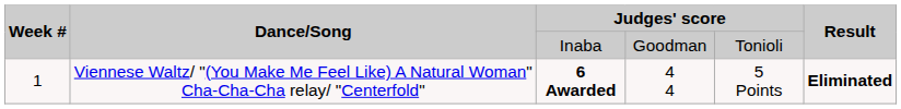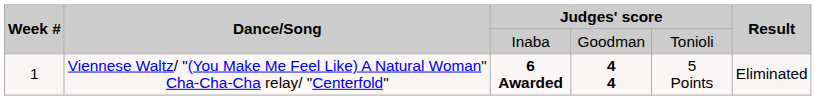 <table class="wikitable" style="float:left;">
 <tr style="text-align:Center; background:#ccc;">
 <td rowspan="2"><strong>Week #</strong></td>
 <td rowspan="2"><strong>Dance/Song</strong></td>
 <td colspan="3"><strong>Judges' score</strong></td>
 <td rowspan="2"><strong>Result</strong></td>
 </tr>
 <tr style="text-align:center; background:#ccc;">
 <td style="width:10%; ">Inaba</td>
 <td style="width:10%; ">Goodman</td>
 <td style="width:10%; ">Tonioli</td>
 </tr>
 <tr style="text-align:center; background:#faf6f6;">
 <td>1</td>
 <td><a href='#'>Viennese Waltz</a>/ "<a href='#'>(You Make Me Feel Like) A Natural Woman</a>" <br> <a href='#'>Cha-Cha-Cha</a> relay/ "<a href='#'>Centerfold</a>"</td>
 <td><strong>6 <br> Awarded</strong></td>
-<td>4 <br> 4</td>
+<td><strong>4 <br> 4</strong></td>
 <td>5 <br> Points</td>
-<td><strong>Eliminated</strong></td>
+<td>Eliminated</td>
 </tr>
 </table>
